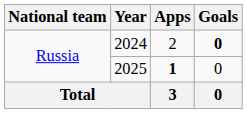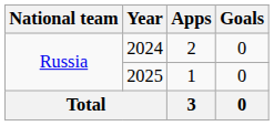 <table class=wikitable style=text-align:center>
 <tr>
 <th>National team</th>
 <th>Year</th>
 <th>Apps</th>
 <th>Goals</th>
 </tr>
 <tr>
 <td rowspan="2"><a href='#'>Russia</a></td>
 <td>2024</td>
 <td>2</td>
-<td><strong>0</strong></td>
+<td>0</td>
 </tr>
 <tr>
 <td>2025</td>
-<td><strong>1</strong></td>
+<td>1</td>
 <td>0</td>
 </tr>
 <tr>
 <th colspan=2>Total</th>
 <th>3</th>
 <th>0</th>
 </tr>
 </table>
